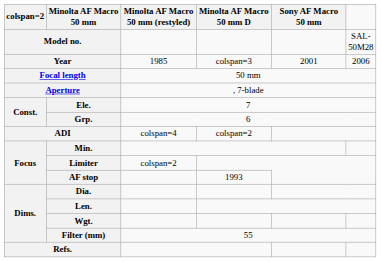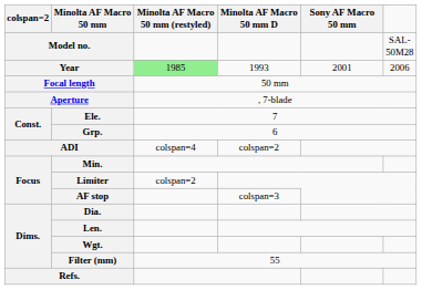 <table class="wikitable" style="font-size:90%;text-align:center;">
 <tr>
 <th>colspan=2 </th>
 <th style="width:21%;">Minolta AF Macro 50 mm </th>
 <th style="width:21%;">Minolta AF Macro 50 mm  (restyled)</th>
 <th style="width:21%;">Minolta AF Macro 50 mm  D</th>
 <th style="width:21%;">Sony AF Macro 50 mm </th>
 </tr>
 <tr>
 <th colspan=2>Model no.</th>
 <td></td>
 <td></td>
 <td></td>
 <td>SAL-50M28</td>
 </tr>
 <tr>
 <th colspan=2>Year</th>
-<td>1985</td>
-<td>colspan=3 </td>
+<td style="background: lightgreen;">1985</td>
+<td>1993</td>
 <td>2001</td>
 <td>2006</td>
 </tr>
 <tr>
 <th colspan=2><a href='#'>Focal length</a></th>
 <td colspan=4>50 mm</td>
 </tr>
 <tr>
 <th colspan=2><a href='#'>Aperture</a></th>
 <td colspan=4>, 7-blade</td>
 </tr>
 <tr>
 <th rowspan=2>Const.</th>
 <th>Ele.</th>
 <td colspan=4>7</td>
 </tr>
 <tr>
 <th>Grp.</th>
 <td colspan=4>6</td>
 </tr>
 <tr>
 <th colspan=2>ADI</th>
 <td>colspan=4 </td>
 <td>colspan=2 </td>
 </tr>
 <tr>
 <th rowspan=3>Focus</th>
 <th>Min.</th>
 <td colspan=3></td>
 <td></td>
 </tr>
 <tr>
 <th>Limiter</th>
 <td>colspan=2 </td>
 </tr>
 <tr>
 <th>AF stop</th>
 <td></td>
-<td>1993</td>
+<td>colspan=3 </td>
 </tr>
 <tr>
 <th rowspan=4>Dims.</th>
 <th>Dia.</th>
 <td></td>
 <td></td>
 <td colspan=2></td>
 </tr>
 <tr>
 <th>Len.</th>
 <td></td>
 <td colspan=3></td>
 </tr>
 <tr>
 <th>Wgt.</th>
 <td></td>
 <td></td>
 <td></td>
 <td></td>
 </tr>
 <tr>
 <th>Filter (mm)</th>
 <td colspan=4>55</td>
 </tr>
 <tr>
 <th colspan=2>Refs.</th>
 <td colspan=2></td>
 <td></td>
 <td></td>
 </tr>
 </table>
